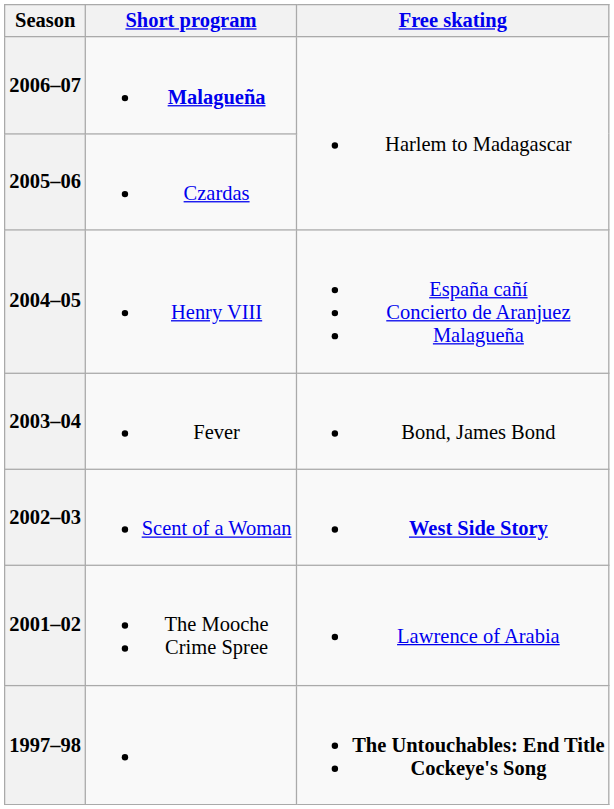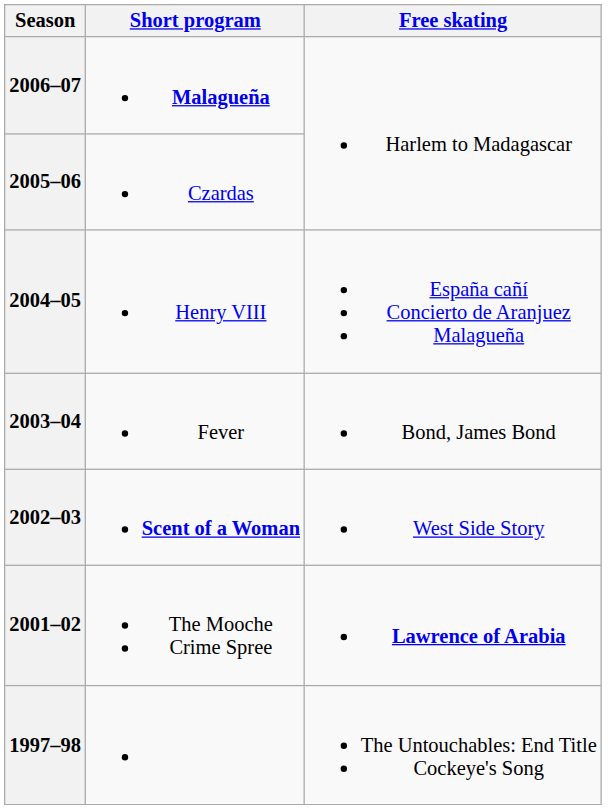 <table class=wikitable style=text-align:center>
 <tr>
 <th>Season</th>
 <th><a href='#'>Short program</a></th>
 <th><a href='#'>Free skating</a></th>
 </tr>
 <tr>
 <th>2006–07 <br> </th>
 <td><strong><br><ul><li><a href='#'>Malagueña</a> <br></li></ul></strong></td>
 <td rowspan=2><br><ul><li>Harlem to Madagascar</li></ul></td>
 </tr>
 <tr>
 <th>2005–06 <br> </th>
 <td><br><ul><li><a href='#'>Czardas</a></li></ul></td>
 </tr>
 <tr>
 <th>2004–05 <br> </th>
 <td><br><ul><li><a href='#'>Henry VIII</a> <br></li></ul></td>
 <td><br><ul><li><a href='#'>España cañí</a> <br></li><li><a href='#'>Concierto de Aranjuez</a> <br></li><li><a href='#'>Malagueña</a> <br></li></ul></td>
 </tr>
 <tr>
 <th>2003–04 <br> </th>
 <td><br><ul><li>Fever</li></ul></td>
 <td><br><ul><li>Bond, James Bond</li></ul></td>
 </tr>
 <tr>
 <th>2002–03 <br> </th>
-<td><br><ul><li><a href='#'>Scent of a Woman</a> <br></li></ul></td>
-<td><strong><br><ul><li><a href='#'>West Side Story</a> <br></li></ul></strong></td>
+<td><strong><br><ul><li><a href='#'>Scent of a Woman</a> <br></li></ul></strong></td>
+<td><br><ul><li><a href='#'>West Side Story</a> <br></li></ul></td>
 </tr>
 <tr>
 <th>2001–02 <br> </th>
 <td><br><ul><li>The Mooche <br></li><li>Crime Spree <br></li></ul></td>
-<td><br><ul><li><a href='#'>Lawrence of Arabia</a> <br></li></ul></td>
+<td><strong><br><ul><li><a href='#'>Lawrence of Arabia</a> <br></li></ul></strong></td>
 </tr>
 <tr>
 <th>1997–98</th>
 <td><br><ul><li></li></ul></td>
-<td><strong><br><ul><li>The Untouchables: End Title</li><li>Cockeye's Song</li></ul></strong></td>
+<td><br><ul><li>The Untouchables: End Title</li><li>Cockeye's Song</li></ul></td>
 </tr>
 </table>
